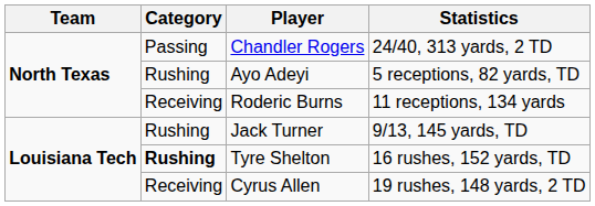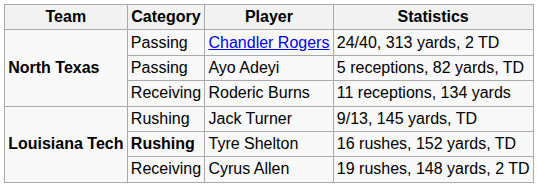 <table class="wikitable" style="float: left;">
 <tr>
 <th>Team</th>
 <th>Category</th>
 <th>Player</th>
 <th>Statistics</th>
 </tr>
 <tr>
 <td rowspan=3><strong>North Texas</strong></td>
 <td>Passing</td>
 <td><a href='#'>Chandler Rogers</a></td>
 <td>24/40, 313 yards, 2 TD</td>
 </tr>
 <tr>
-<td>Rushing</td>
+<td>Passing</td>
 <td>Ayo Adeyi</td>
 <td>5 receptions, 82 yards, TD</td>
 </tr>
 <tr>
 <td>Receiving</td>
 <td>Roderic Burns</td>
 <td>11 receptions, 134 yards</td>
 </tr>
 <tr>
 <td rowspan=3><strong>Louisiana Tech</strong></td>
 <td>Rushing</td>
 <td>Jack Turner</td>
 <td>9/13, 145 yards, TD</td>
 </tr>
 <tr>
 <td><strong>Rushing</strong></td>
 <td>Tyre Shelton</td>
 <td>16 rushes, 152 yards, TD</td>
 </tr>
 <tr>
 <td>Receiving</td>
 <td>Cyrus Allen</td>
 <td>19 rushes, 148 yards, 2 TD</td>
 </tr>
 </table>
